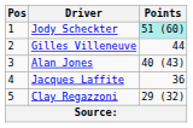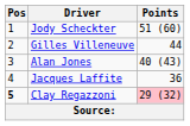 <table class="wikitable" style="font-size: 95%;">
 <tr>
 <th>Pos</th>
 <th>Driver</th>
 <th>Points</th>
 </tr>
 <tr>
 <td>1</td>
 <td> <a href='#'>Jody Scheckter</a></td>
-<td align="right" style="background: paleturquoise;">51 (60)</td>
+<td align="right">51 (60)</td>
 </tr>
 <tr>
 <td>2</td>
 <td> <a href='#'>Gilles Villeneuve</a></td>
 <td align="right">44</td>
 </tr>
 <tr>
 <td>3</td>
 <td> <a href='#'>Alan Jones</a></td>
 <td align="right">40 (43)</td>
 </tr>
 <tr>
 <td>4</td>
 <td> <a href='#'>Jacques Laffite</a></td>
 <td align="right">36</td>
 </tr>
 <tr>
-<td>5</td>
+<td><strong>5</strong></td>
 <td> <a href='#'>Clay Regazzoni</a></td>
-<td align="right">29 (32)</td>
+<td align="right" style="background: pink;">29 (32)</td>
 </tr>
 <tr>
 <th colspan=4>Source: </th>
 </tr>
 </table>
